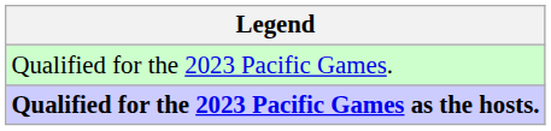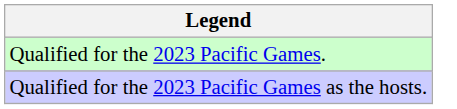 <table class="wikitable">
 <tr>
 <th>Legend</th>
 </tr>
 <tr bgcolor=ccffcc>
 <td>Qualified for the <a href='#'>2023 Pacific Games</a>.</td>
 </tr>
 <tr bgcolor=ccccff>
-<td><strong>Qualified for the <a href='#'>2023 Pacific Games</a> as the hosts.</strong></td>
+<td>Qualified for the <a href='#'>2023 Pacific Games</a> as the hosts.</td>
 </tr>
 </table>
